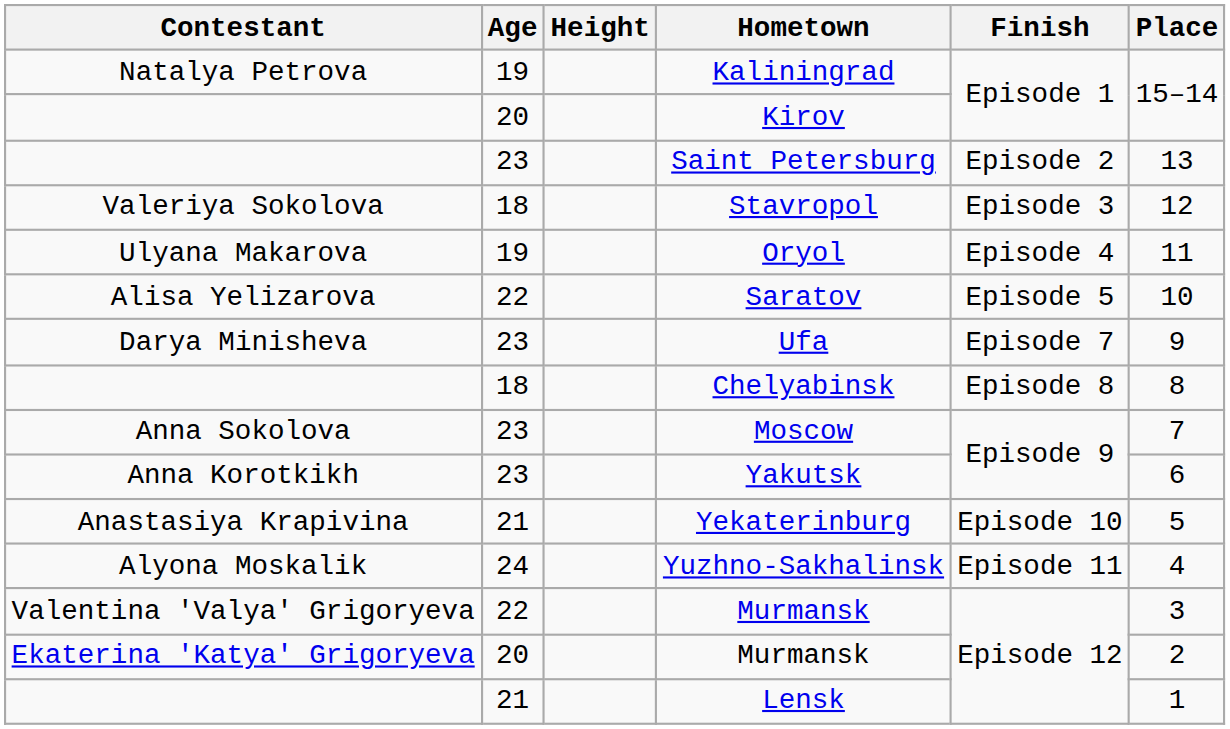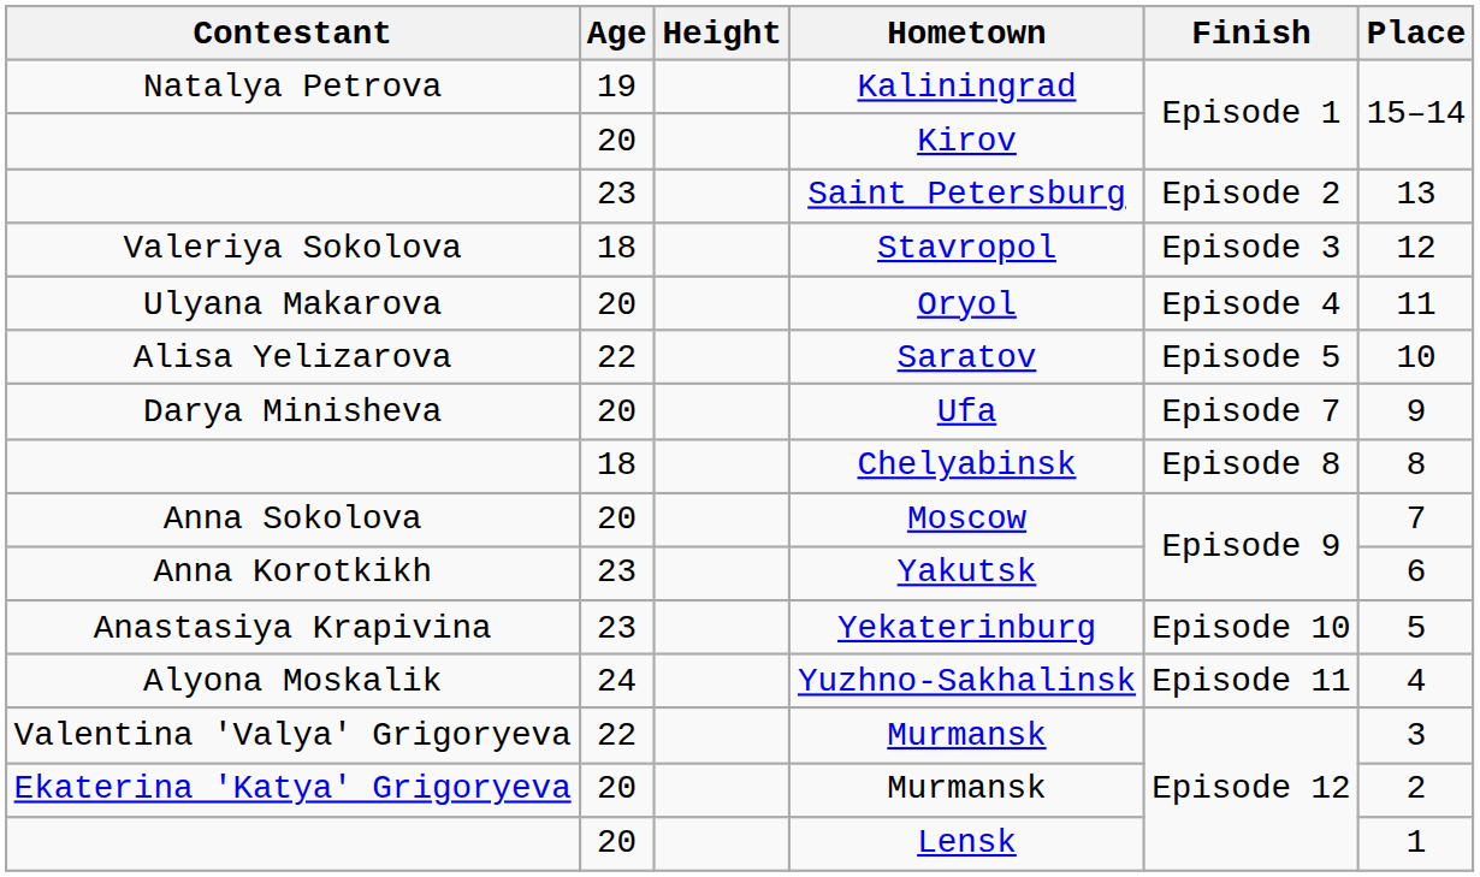 <table class="wikitable sortable" style="text-align:center;">
 <tr>
 <th>Contestant</th>
 <th>Age</th>
 <th>Height</th>
 <th>Hometown</th>
 <th>Finish</th>
 <th>Place</th>
 </tr>
 <tr>
 <td>Natalya Petrova</td>
 <td>19</td>
 <td></td>
 <td><a href='#'>Kaliningrad</a></td>
 <td rowspan="2">Episode 1</td>
 <td rowspan="2">15–14</td>
 </tr>
 <tr>
 <td></td>
 <td>20</td>
 <td></td>
 <td><a href='#'>Kirov</a></td>
 </tr>
 <tr>
 <td></td>
 <td>23</td>
 <td></td>
 <td><a href='#'>Saint Petersburg</a></td>
 <td>Episode 2</td>
 <td>13</td>
 </tr>
 <tr>
 <td>Valeriya Sokolova</td>
 <td>18</td>
 <td></td>
 <td><a href='#'>Stavropol</a></td>
 <td>Episode 3</td>
 <td>12</td>
 </tr>
 <tr>
 <td>Ulyana Makarova</td>
-<td>19</td>
+<td>20</td>
 <td></td>
 <td><a href='#'>Oryol</a></td>
 <td>Episode 4</td>
 <td>11</td>
 </tr>
 <tr>
 <td>Alisa Yelizarova</td>
 <td>22</td>
 <td></td>
 <td><a href='#'>Saratov</a></td>
 <td>Episode 5</td>
 <td>10</td>
 </tr>
 <tr>
 <td>Darya Minisheva</td>
-<td>23</td>
+<td>20</td>
 <td></td>
 <td><a href='#'>Ufa</a></td>
 <td>Episode 7</td>
 <td>9</td>
 </tr>
 <tr>
 <td></td>
 <td>18</td>
 <td></td>
 <td><a href='#'>Chelyabinsk</a></td>
 <td>Episode 8</td>
 <td>8</td>
 </tr>
 <tr>
 <td>Anna Sokolova</td>
-<td>23</td>
+<td>20</td>
 <td></td>
 <td><a href='#'>Moscow</a></td>
 <td rowspan="2">Episode 9</td>
 <td>7</td>
 </tr>
 <tr>
 <td>Anna Korotkikh</td>
 <td>23</td>
 <td></td>
 <td><a href='#'>Yakutsk</a></td>
 <td>6</td>
 </tr>
 <tr>
 <td>Anastasiya Krapivina</td>
-<td>21</td>
+<td>23</td>
 <td></td>
 <td><a href='#'>Yekaterinburg</a></td>
 <td>Episode 10</td>
 <td>5</td>
 </tr>
 <tr>
 <td>Alyona Moskalik</td>
 <td>24</td>
 <td></td>
 <td><a href='#'>Yuzhno-Sakhalinsk</a></td>
 <td>Episode 11</td>
 <td>4</td>
 </tr>
 <tr>
 <td>Valentina 'Valya' Grigoryeva</td>
 <td>22</td>
 <td></td>
 <td><a href='#'>Murmansk</a></td>
 <td rowspan="3">Episode 12</td>
 <td>3</td>
 </tr>
 <tr>
 <td><a href='#'>Ekaterina 'Katya' Grigoryeva</a></td>
 <td>20</td>
 <td></td>
 <td>Murmansk</td>
 <td>2</td>
 </tr>
 <tr>
 <td></td>
-<td>21</td>
+<td>20</td>
 <td></td>
 <td><a href='#'>Lensk</a></td>
 <td>1</td>
 </tr>
 </table>
